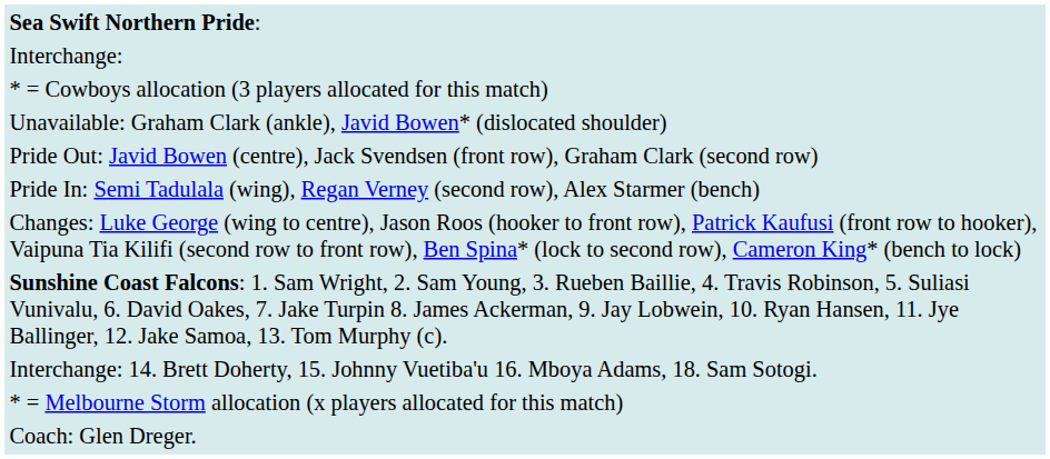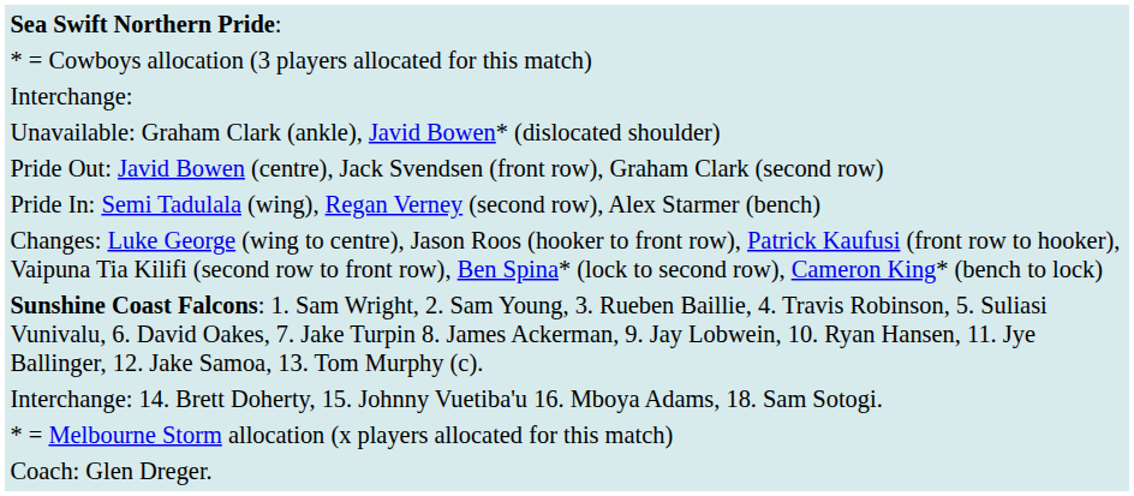 <table style="background:#d7ebed; font-size:85%; width:100%;">
 <tr>
 <td><strong>Sea Swift Northern Pride</strong>:             </td>
 </tr>
 <tr>
-<td>Interchange:    </td>
+<td>* = Cowboys allocation (3 players allocated for this match)</td>
 </tr>
 <tr>
-<td>* = Cowboys allocation (3 players allocated for this match)</td>
+<td>Interchange:    </td>
 </tr>
 <tr>
 <td>Unavailable: Graham Clark (ankle), <a href='#'>Javid Bowen</a>* (dislocated shoulder)</td>
 </tr>
 <tr>
 <td>Pride Out: <a href='#'>Javid Bowen</a> (centre), Jack Svendsen (front row), Graham Clark (second row)</td>
 </tr>
 <tr>
 <td>Pride In: <a href='#'>Semi Tadulala</a> (wing), <a href='#'>Regan Verney</a> (second row), Alex Starmer (bench)</td>
 </tr>
 <tr>
 <td>Changes: <a href='#'>Luke George</a> (wing to centre), Jason Roos (hooker to front row), <a href='#'>Patrick Kaufusi</a> (front row to hooker), Vaipuna Tia Kilifi (second row to front row), <a href='#'>Ben Spina</a>* (lock to second row), <a href='#'>Cameron King</a>* (bench to lock)</td>
 </tr>
 <tr>
 <td><strong>Sunshine Coast Falcons</strong>:  1. Sam Wright, 2. Sam Young, 3. Rueben Baillie, 4. Travis Robinson, 5. Suliasi Vunivalu, 6. David Oakes, 7. Jake Turpin 8. James Ackerman, 9. Jay Lobwein, 10. Ryan Hansen, 11. Jye Ballinger, 12. Jake Samoa, 13. Tom Murphy (c).</td>
 </tr>
 <tr>
 <td>Interchange: 14. Brett Doherty, 15. Johnny Vuetiba'u 16. Mboya Adams, 18. Sam Sotogi.</td>
 </tr>
 <tr>
 <td>* = <a href='#'>Melbourne Storm</a> allocation (x players allocated for this match)</td>
 </tr>
 <tr>
 <td>Coach: Glen Dreger.</td>
 </tr>
 </table>
